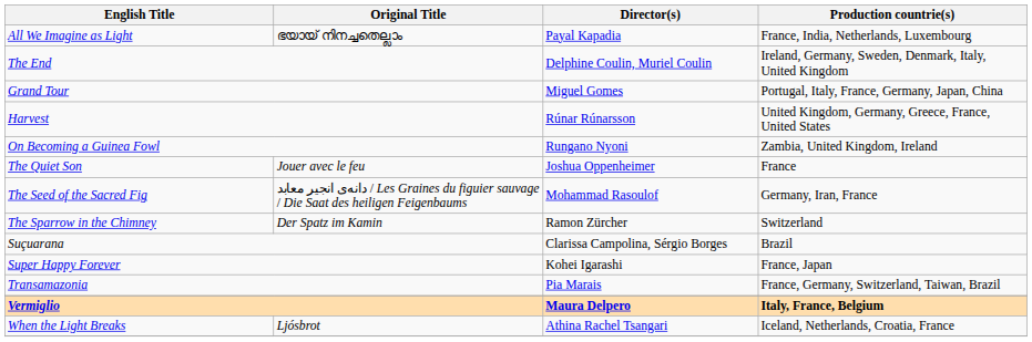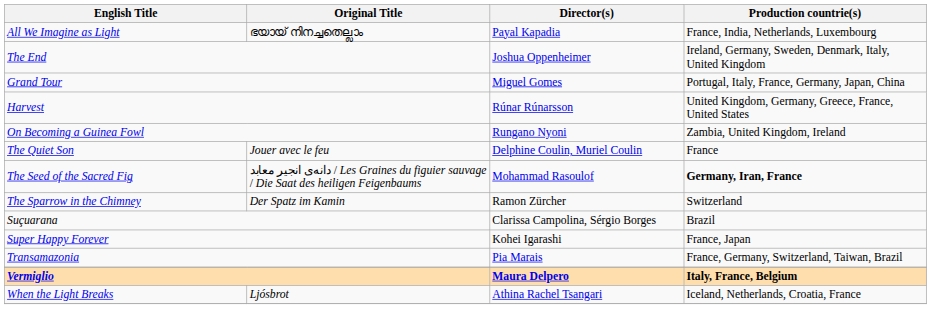 <table class="wikitable" style="width:100%; margin-bottom:4px">
 <tr>
 <th scope="col" width="25%">English Title</th>
 <th scope="col" width="25%">Original Title</th>
 <th scope="col" width="20%">Director(s)</th>
 <th scope="col" width="25%">Production countrie(s)</th>
 </tr>
 <tr>
 <td><em><a href='#'>All We Imagine as Light</a></em></td>
 <td>ഭയായ് നിനച്ചതെല്ലാം</td>
 <td><a href='#'>Payal Kapadia</a></td>
 <td>France, India, Netherlands, Luxembourg</td>
 </tr>
 <tr>
 <td colspan="2"><em><a href='#'>The End</a></em></td>
-<td><a href='#'>Delphine Coulin, Muriel Coulin</a></td>
+<td><a href='#'>Joshua Oppenheimer</a></td>
 <td>Ireland, Germany, Sweden, Denmark, Italy, United Kingdom</td>
 </tr>
 <tr>
 <td colspan="2"><em><a href='#'>Grand Tour</a></em></td>
 <td><a href='#'>Miguel Gomes</a></td>
 <td>Portugal, Italy, France, Germany, Japan, China</td>
 </tr>
 <tr>
 <td colspan="2"><em><a href='#'>Harvest</a></em></td>
 <td><a href='#'>Rúnar Rúnarsson</a></td>
 <td>United Kingdom, Germany, Greece, France, United States</td>
 </tr>
 <tr>
 <td colspan="2"><em><a href='#'>On Becoming a Guinea Fowl</a></em></td>
 <td><a href='#'>Rungano Nyoni</a></td>
 <td>Zambia, United Kingdom, Ireland</td>
 </tr>
 <tr>
 <td><em><a href='#'>The Quiet Son</a></em></td>
 <td><em>Jouer avec le feu</em></td>
-<td><a href='#'>Joshua Oppenheimer</a></td>
+<td><a href='#'>Delphine Coulin, Muriel Coulin</a></td>
 <td>France</td>
 </tr>
 <tr>
 <td><em><a href='#'>The Seed of the Sacred Fig</a></em></td>
 <td>دانه‌ی انجیر معابد / <em>Les Graines du figuier sauvage</em> / <em>Die Saat des heiligen Feigenbaums</em></td>
 <td><a href='#'>Mohammad Rasoulof</a></td>
-<td>Germany, Iran, France</td>
+<td><strong>Germany, Iran, France</strong></td>
 </tr>
 <tr>
 <td><em><a href='#'>The Sparrow in the Chimney</a></em></td>
 <td><em>Der Spatz im Kamin</em></td>
 <td>Ramon Zürcher</td>
 <td>Switzerland</td>
 </tr>
 <tr>
 <td colspan="2"><em>Suçuarana</em></td>
 <td>Clarissa Campolina, Sérgio Borges</td>
 <td>Brazil</td>
 </tr>
 <tr>
 <td colspan="2"><em><a href='#'>Super Happy Forever</a></em></td>
 <td>Kohei Igarashi</td>
 <td>France, Japan</td>
 </tr>
 <tr>
 <td colspan="2"><em><a href='#'>Transamazonia</a></em></td>
 <td><a href='#'>Pia Marais</a></td>
 <td>France, Germany, Switzerland, Taiwan, Brazil</td>
 </tr>
 <tr>
 </tr>
 <tr style="background:#FFDEAD;">
 <td colspan="2"><em><a href='#'><strong>Vermiglio</strong></a></em></td>
 <td><strong><a href='#'>Maura Delpero</a></strong></td>
 <td><strong>Italy, France, Belgium</strong></td>
 </tr>
 <tr>
 <td><em><a href='#'>When the Light Breaks</a></em></td>
 <td><em>Ljósbrot</em></td>
 <td><a href='#'>Athina Rachel Tsangari</a></td>
 <td>Iceland, Netherlands, Croatia, France</td>
 </tr>
 <tr>
 </tr>
 </table>
